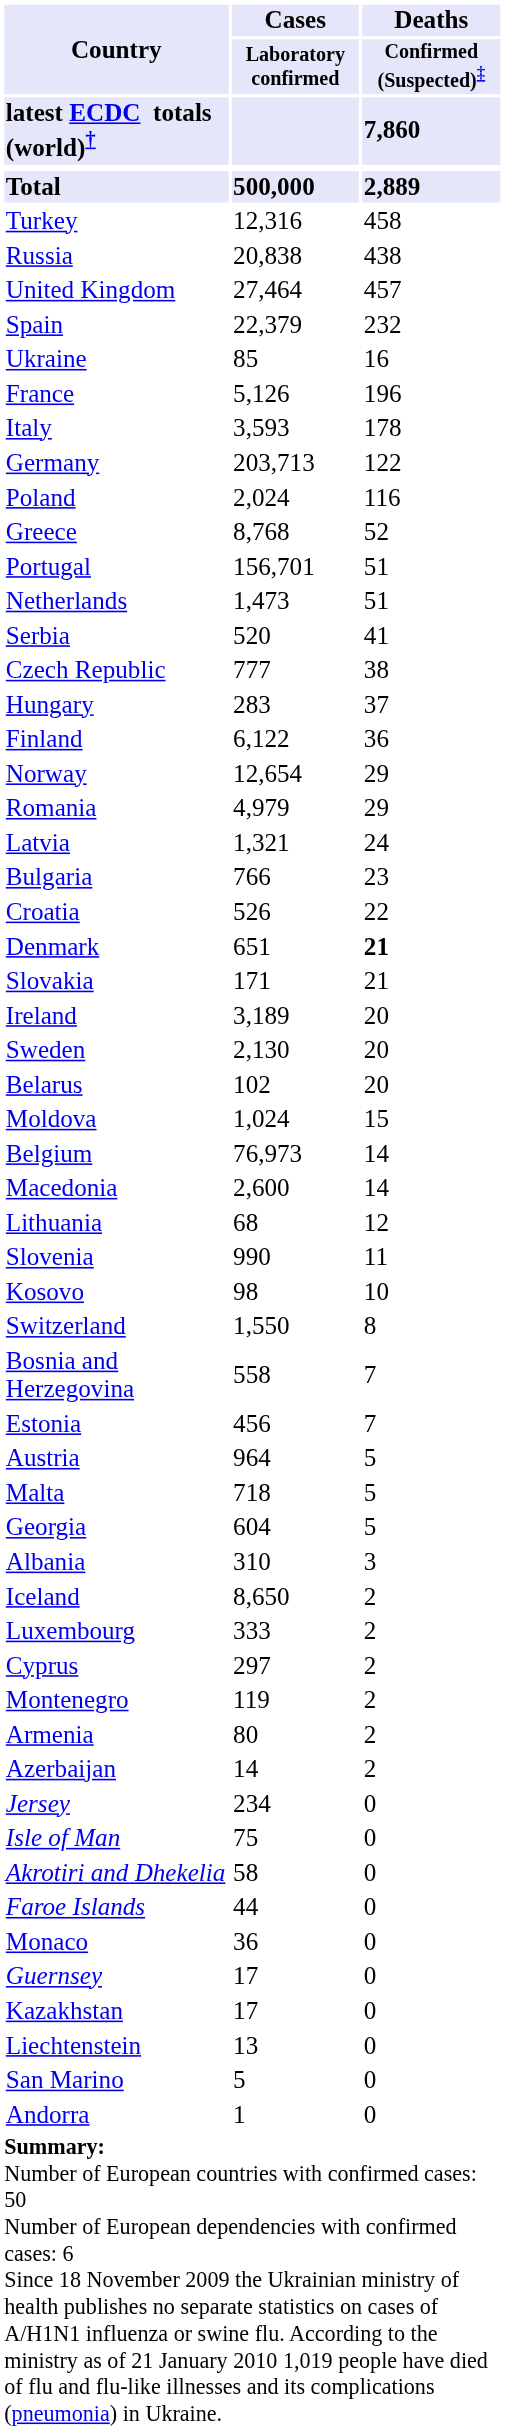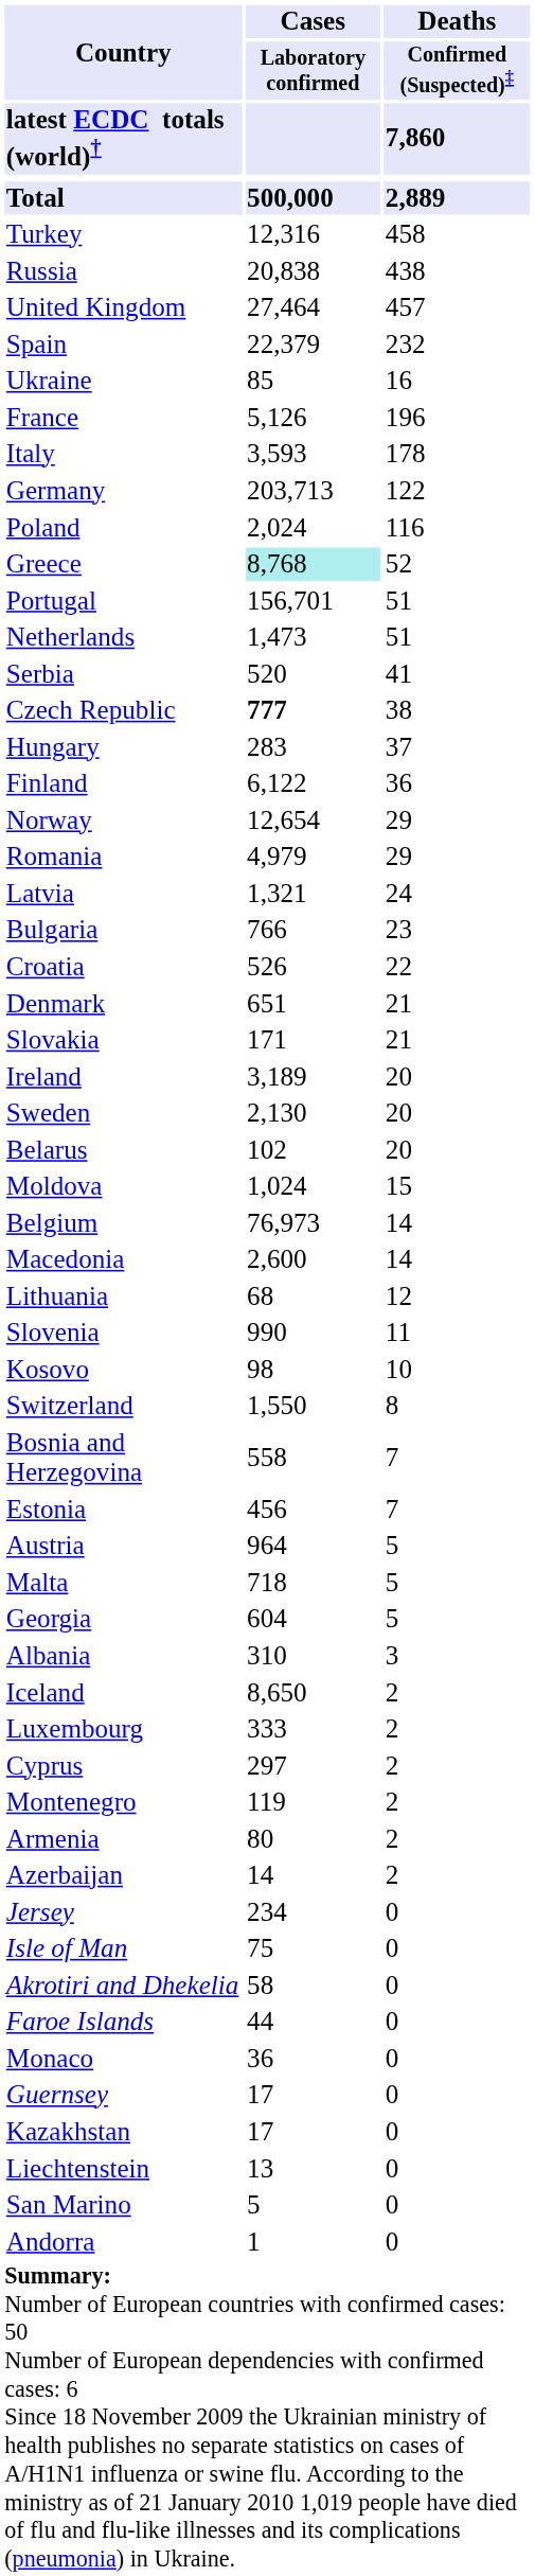 <table class="toccolours" style="float:right;clear:right;margin: 0.5em 0 0.5em 1em; width:20em">
 <tr style="background:lavender">
 <th rowspan="2">Country</th>
 <th>Cases</th>
 <th>Deaths</th>
 </tr>
 <tr style="background:lavender;font-size:80%">
 <th>Laboratory <br>confirmed</th>
 <th>Confirmed<br>(Suspected)<sup><a href='#'>‡</a></sup></th>
 </tr>
 <tr>
 <td style="background:lavender; font-weight:bold;">latest <a href='#'>ECDC</a>  totals (world)<sup><a href='#'>†</a></sup></td>
 <td style="background:lavender; font-weight:bold;"></td>
 <td style="background:lavender; font-weight:bold;">7,860</td>
 </tr>
 <tr>
 </tr>
 <tr style="font-weight:bold">
 <td style="background:lavender;">Total</td>
 <td style="background:lavender;">500,000</td>
 <td style="background:lavender;">2,889</td>
 </tr>
 <tr>
 <td style="text-align:left"><a href='#'>Turkey</a></td>
 <td>12,316</td>
 <td>458</td>
 </tr>
 <tr>
 <td style="text-align:left"><a href='#'>Russia</a></td>
 <td>20,838</td>
 <td>438</td>
 </tr>
 <tr>
 <td style="text-align:left"><a href='#'>United Kingdom</a><br> </td>
 <td>27,464</td>
 <td>457</td>
 </tr>
 <tr>
 <td style="text-align:left"><a href='#'>Spain</a></td>
 <td>22,379</td>
 <td>232</td>
 </tr>
 <tr>
 <td style="text-align:left"><a href='#'>Ukraine</a></td>
 <td>85</td>
 <td>16</td>
 </tr>
 <tr>
 <td style="text-align:left"><a href='#'>France</a></td>
 <td>5,126</td>
 <td>196</td>
 </tr>
 <tr>
 <td style="text-align:left"><a href='#'>Italy</a></td>
 <td>3,593</td>
 <td>178</td>
 </tr>
 <tr>
 <td style="text-align:left"><a href='#'>Germany</a></td>
 <td>203,713</td>
 <td>122</td>
 </tr>
 <tr>
 <td style="text-align:left"><a href='#'>Poland</a></td>
 <td>2,024</td>
 <td>116</td>
 </tr>
 <tr>
 <td style="text-align:left"><a href='#'>Greece</a></td>
-<td>8,768</td>
+<td style="background: paleturquoise;">8,768</td>
 <td>52</td>
 </tr>
 <tr>
 <td style="text-align:left"><a href='#'>Portugal</a></td>
 <td>156,701</td>
 <td>51</td>
 </tr>
 <tr>
 <td style="text-align:left"><a href='#'>Netherlands</a></td>
 <td>1,473</td>
 <td>51</td>
 </tr>
 <tr>
 <td style="text-align:left"><a href='#'>Serbia</a></td>
 <td>520</td>
 <td>41</td>
 </tr>
 <tr>
 <td style="text-align:left"><a href='#'>Czech Republic</a></td>
-<td>777</td>
+<td><strong>777</strong></td>
 <td>38</td>
 </tr>
 <tr>
 <td style="text-align:left"><a href='#'>Hungary</a></td>
 <td>283</td>
 <td>37</td>
 </tr>
 <tr>
 <td style="text-align:left"><a href='#'>Finland</a></td>
 <td>6,122</td>
 <td>36</td>
 </tr>
 <tr>
 <td style="text-align:left"><a href='#'>Norway</a></td>
 <td>12,654</td>
 <td>29</td>
 </tr>
 <tr>
 <td style="text-align:left"><a href='#'>Romania</a></td>
 <td>4,979</td>
 <td>29</td>
 </tr>
 <tr>
 <td style="text-align:left"><a href='#'>Latvia</a></td>
 <td>1,321</td>
 <td>24</td>
 </tr>
 <tr>
 <td style="text-align:left"><a href='#'>Bulgaria</a></td>
 <td>766</td>
 <td>23</td>
 </tr>
 <tr>
 <td style="text-align:left"><a href='#'>Croatia</a></td>
 <td>526</td>
 <td>22</td>
 </tr>
 <tr>
 <td style="text-align:left"><a href='#'>Denmark</a></td>
 <td>651</td>
-<td><strong>21</strong></td>
+<td>21</td>
 </tr>
 <tr>
 <td style="text-align:left"><a href='#'>Slovakia</a></td>
 <td>171</td>
 <td>21</td>
 </tr>
 <tr>
 <td style="text-align:left"><a href='#'>Ireland</a></td>
 <td>3,189</td>
 <td>20</td>
 </tr>
 <tr>
 <td style="text-align:left"><a href='#'>Sweden</a></td>
 <td>2,130</td>
 <td>20</td>
 </tr>
 <tr>
 <td style="text-align:left"><a href='#'>Belarus</a></td>
 <td>102</td>
 <td>20</td>
 </tr>
 <tr>
 <td style="text-align:left"><a href='#'>Moldova</a></td>
 <td>1,024</td>
 <td>15</td>
 </tr>
 <tr>
 <td style="text-align:left"><a href='#'>Belgium</a></td>
 <td>76,973</td>
 <td>14</td>
 </tr>
 <tr>
 <td style="text-align:left"><a href='#'>Macedonia</a></td>
 <td>2,600</td>
 <td>14</td>
 </tr>
 <tr>
 <td style="text-align:left"><a href='#'>Lithuania</a></td>
 <td>68</td>
 <td>12</td>
 </tr>
 <tr>
 <td style="text-align:left"><a href='#'>Slovenia</a></td>
 <td>990</td>
 <td>11</td>
 </tr>
 <tr>
 <td style="text-align:left"><a href='#'>Kosovo</a></td>
 <td>98</td>
 <td>10</td>
 </tr>
 <tr>
 <td style="text-align:left"><a href='#'>Switzerland</a></td>
 <td>1,550</td>
 <td>8</td>
 </tr>
 <tr>
 <td style="text-align:left"><a href='#'>Bosnia and Herzegovina</a></td>
 <td>558</td>
 <td>7</td>
 </tr>
 <tr>
 <td style="text-align:left"><a href='#'>Estonia</a></td>
 <td>456</td>
 <td>7</td>
 </tr>
 <tr>
 <td style="text-align:left"><a href='#'>Austria</a></td>
 <td>964</td>
 <td>5</td>
 </tr>
 <tr>
 <td style="text-align:left"><a href='#'>Malta</a></td>
 <td>718</td>
 <td>5</td>
 </tr>
 <tr>
 <td style="text-align:left"><a href='#'>Georgia</a></td>
 <td>604</td>
 <td>5</td>
 </tr>
 <tr>
 <td style="text-align:left"><a href='#'>Albania</a></td>
 <td>310</td>
 <td>3</td>
 </tr>
 <tr>
 <td style="text-align:left"><a href='#'>Iceland</a></td>
 <td>8,650</td>
 <td>2</td>
 </tr>
 <tr>
 <td style="text-align:left"><a href='#'>Luxembourg</a></td>
 <td>333</td>
 <td>2</td>
 </tr>
 <tr>
 <td style="text-align:left"><a href='#'>Cyprus</a></td>
 <td>297</td>
 <td>2</td>
 </tr>
 <tr>
 <td style="text-align:left"><a href='#'>Montenegro</a></td>
 <td>119</td>
 <td>2</td>
 </tr>
 <tr>
 <td style="text-align:left"><a href='#'>Armenia</a></td>
 <td>80</td>
 <td>2</td>
 </tr>
 <tr>
 <td style="text-align:left"><a href='#'>Azerbaijan</a></td>
 <td>14</td>
 <td>2</td>
 </tr>
 <tr>
 <td style="text-align:left"><em><a href='#'>Jersey</a></em></td>
 <td>234</td>
 <td>0</td>
 </tr>
 <tr>
 <td style="text-align:left"><em><a href='#'>Isle of Man</a></em></td>
 <td>75</td>
 <td>0</td>
 </tr>
 <tr>
 <td style="text-align:left"><em><a href='#'>Akrotiri and Dhekelia</a></em></td>
 <td>58</td>
 <td>0</td>
 </tr>
 <tr>
 <td style="text-align:left"><em><a href='#'>Faroe Islands</a></em></td>
 <td>44</td>
 <td>0</td>
 </tr>
 <tr>
 <td style="text-align:left"><a href='#'>Monaco</a></td>
 <td>36</td>
 <td>0</td>
 </tr>
 <tr>
 <td style="text-align:left"><em><a href='#'>Guernsey</a></em></td>
 <td>17</td>
 <td>0</td>
 </tr>
 <tr>
 <td style="text-align:left"><a href='#'>Kazakhstan</a></td>
 <td>17</td>
 <td>0</td>
 </tr>
 <tr>
 <td style="text-align:left"><a href='#'>Liechtenstein</a></td>
 <td>13</td>
 <td>0</td>
 </tr>
 <tr>
 <td style="text-align:left"><a href='#'>San Marino</a></td>
 <td>5</td>
 <td>0</td>
 </tr>
 <tr>
 <td style="text-align:left"><a href='#'>Andorra</a></td>
 <td>1</td>
 <td>0</td>
 </tr>
 <tr>
 <td colspan="3" style="padding: 0; margin: 0;font-size:88%;text-align:left;"><strong>Summary:</strong><br>Number of European countries with confirmed cases: 50 <br> Number of European dependencies with confirmed cases: 6<br>Since 18 November 2009 the Ukrainian ministry of health publishes no separate statistics on cases of A/H1N1 influenza or swine flu. According to the ministry as of 21 January 2010 1,019 people have died of flu and flu-like illnesses and its complications (<a href='#'>pneumonia</a>) in Ukraine.</td>
 </tr>
 </table>
